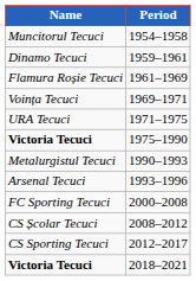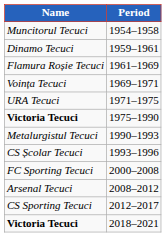 <table class="wikitable" style="text-align: left;">
 <tr>
 <th style="background:#2662BC;color:#FFFFFF;border:1px solid #d63321">Name</th>
 <th style="background:#2662BC;color:#FFFFFF;border:1px solid #d63321">Period</th>
 </tr>
 <tr>
 <td align=left><em>Muncitorul Tecuci</em></td>
 <td>1954–1958</td>
 </tr>
 <tr>
 <td align=left><em>Dinamo Tecuci</em></td>
 <td>1959–1961</td>
 </tr>
 <tr>
 <td align=left><em>Flamura Roșie Tecuci</em></td>
 <td>1961–1969</td>
 </tr>
 <tr>
 <td align=left><em>Voința Tecuci</em></td>
 <td>1969–1971</td>
 </tr>
 <tr>
 <td align=left><em>URA Tecuci</em></td>
 <td>1971–1975</td>
 </tr>
 <tr>
 <td align=left><strong>Victoria Tecuci</strong></td>
 <td>1975–1990</td>
 </tr>
 <tr>
 <td align=left><em>Metalurgistul Tecuci</em></td>
 <td>1990–1993</td>
 </tr>
 <tr>
-<td align=left><em>Arsenal Tecuci</em></td>
+<td align=left><em>CS Școlar Tecuci</em></td>
 <td>1993–1996</td>
 </tr>
 <tr>
 <td align=left><em>FC Sporting Tecuci</em></td>
 <td>2000–2008</td>
 </tr>
 <tr>
-<td align=left><em>CS Școlar Tecuci</em></td>
+<td align=left><em>Arsenal Tecuci</em></td>
 <td>2008–2012</td>
 </tr>
 <tr>
 <td align=left><em>CS Sporting Tecuci</em></td>
 <td>2012–2017</td>
 </tr>
 <tr>
 <td align=left><strong>Victoria Tecuci</strong></td>
 <td>2018–2021</td>
 </tr>
 </table>
